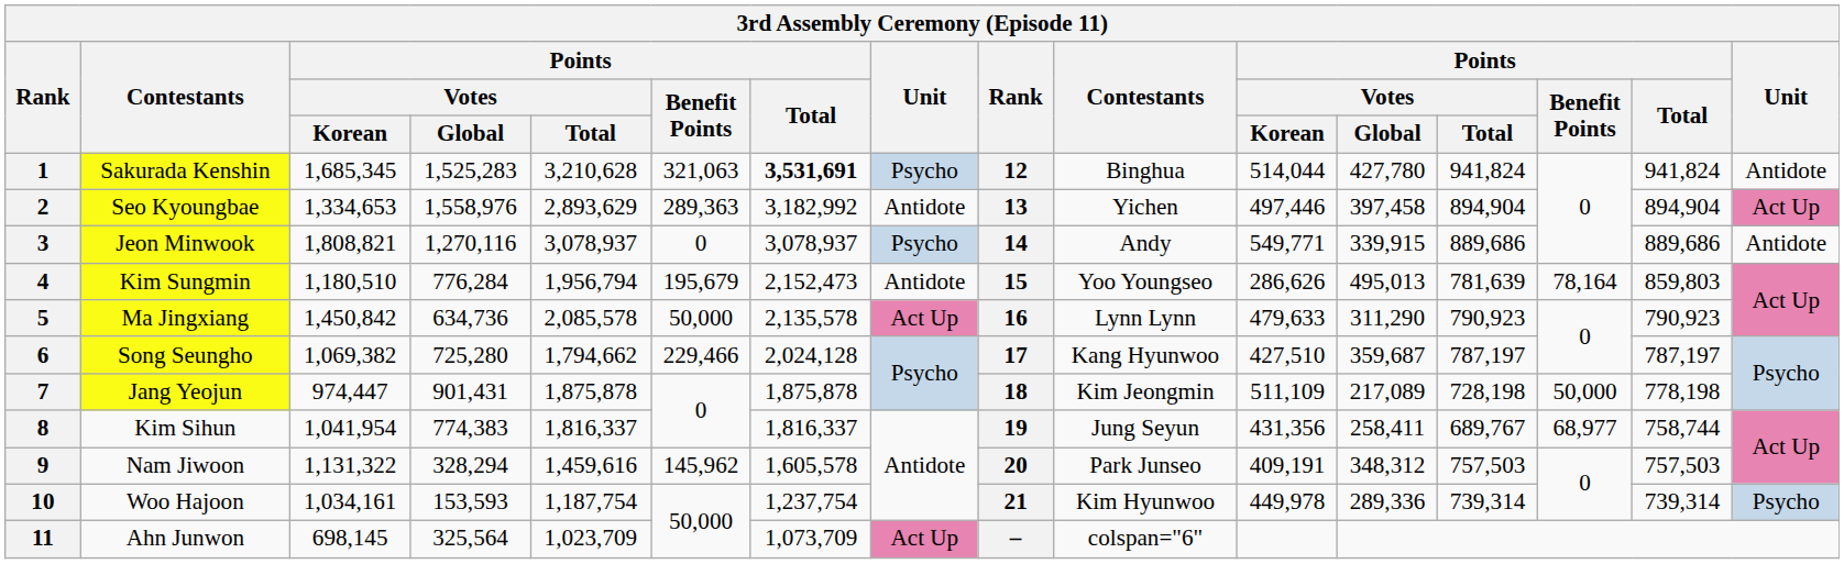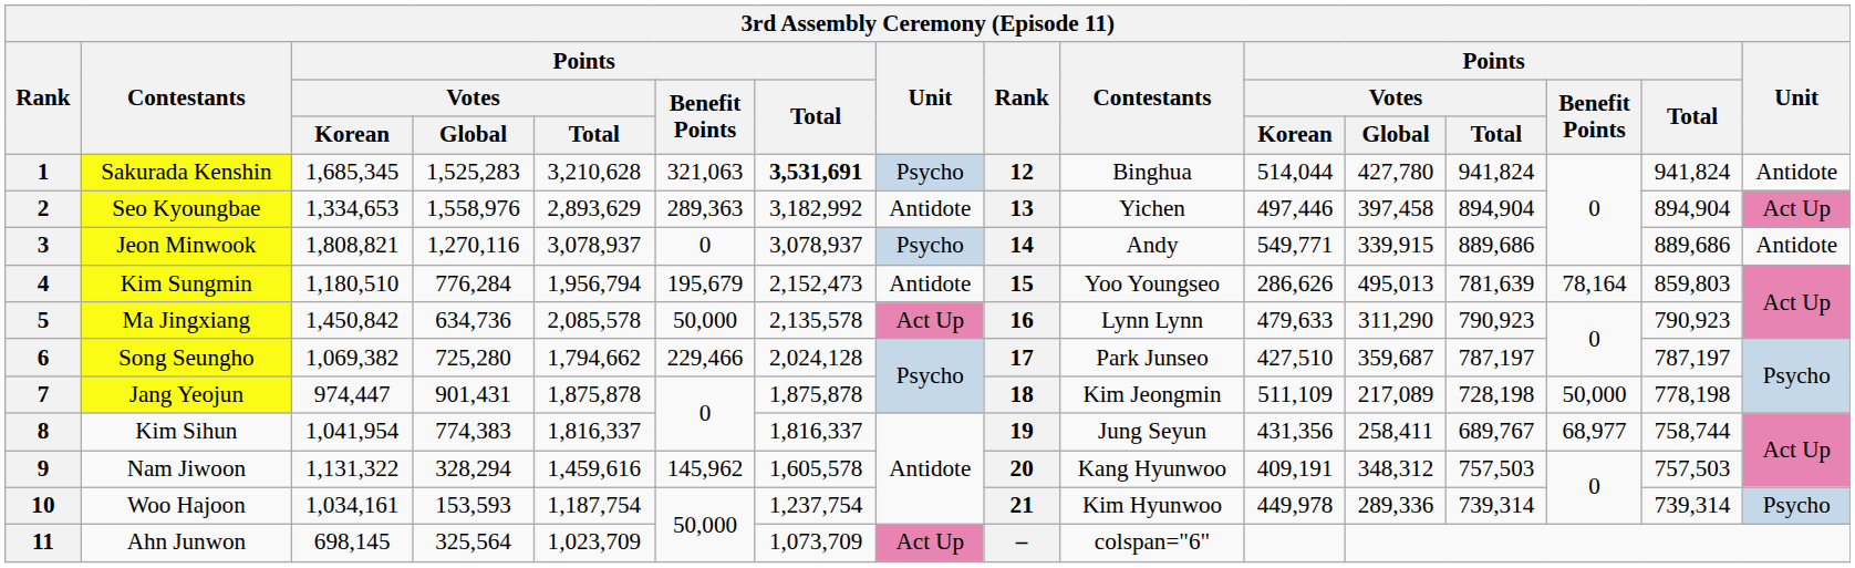 <table class="wikitable sortable mw-collapsible mw-collapsed collapsible" style="text-align:center; width:100%">
 <tr>
 <th colspan="18">3rd Assembly Ceremony (Episode 11)</th>
 </tr>
 <tr>
 <th rowspan="3">Rank</th>
 <th rowspan="3">Contestants</th>
 <th colspan="5">Points</th>
 <th rowspan="3">Unit</th>
 <th rowspan="3">Rank</th>
 <th rowspan="3">Contestants</th>
 <th colspan="5">Points</th>
 <th rowspan="3">Unit</th>
 </tr>
 <tr>
 <th colspan="3">Votes</th>
 <th rowspan="2">Benefit <br>Points</th>
 <th rowspan="2">Total</th>
 <th colspan="3">Votes</th>
 <th rowspan="2">Benefit <br> Points</th>
 <th rowspan="2">Total</th>
 </tr>
 <tr>
 <th>Korean</th>
 <th>Global</th>
 <th>Total</th>
 <th>Korean</th>
 <th>Global</th>
 <th>Total</th>
 </tr>
 <tr>
 <th>1</th>
 <td style="background:#fafc15">Sakurada Kenshin</td>
 <td>1,685,345</td>
 <td>1,525,283</td>
 <td>3,210,628</td>
 <td>321,063</td>
 <td><strong>3,531,691</strong></td>
 <td style="background:#c4d8e9">Psycho</td>
 <th>12</th>
 <td>Binghua</td>
 <td>514,044</td>
 <td>427,780</td>
 <td>941,824</td>
 <td rowspan="3">0</td>
 <td>941,824</td>
 <td>Antidote</td>
 </tr>
 <tr>
 <th>2</th>
 <td style="background:#fafc15">Seo Kyoungbae</td>
 <td>1,334,653</td>
 <td>1,558,976</td>
 <td>2,893,629</td>
 <td>289,363</td>
 <td>3,182,992</td>
 <td>Antidote</td>
 <th>13</th>
 <td>Yichen</td>
 <td>497,446</td>
 <td>397,458</td>
 <td>894,904</td>
 <td>894,904</td>
 <td style="background:#e784b1">Act Up</td>
 </tr>
 <tr>
 <th>3</th>
 <td style="background:#fafc15">Jeon Minwook</td>
 <td>1,808,821</td>
 <td>1,270,116</td>
 <td>3,078,937</td>
 <td>0</td>
 <td>3,078,937</td>
 <td style="background:#c4d8e9">Psycho</td>
 <th>14</th>
 <td>Andy</td>
 <td>549,771</td>
 <td>339,915</td>
 <td>889,686</td>
 <td>889,686</td>
 <td>Antidote</td>
 </tr>
 <tr>
 <th>4</th>
 <td style="background:#fafc15">Kim Sungmin</td>
 <td>1,180,510</td>
 <td>776,284</td>
 <td>1,956,794</td>
 <td>195,679</td>
 <td>2,152,473</td>
 <td>Antidote</td>
 <th>15</th>
 <td>Yoo Youngseo</td>
 <td>286,626</td>
 <td>495,013</td>
 <td>781,639</td>
 <td>78,164</td>
 <td>859,803</td>
 <td rowspan="2" style="background:#e784b1">Act Up</td>
 </tr>
 <tr>
 <th>5</th>
 <td style="background:#fafc15">Ma Jingxiang</td>
 <td>1,450,842</td>
 <td>634,736</td>
 <td>2,085,578</td>
 <td>50,000</td>
 <td>2,135,578</td>
 <td style="background:#e784b1">Act Up</td>
 <th>16</th>
 <td>Lynn Lynn</td>
 <td>479,633</td>
 <td>311,290</td>
 <td>790,923</td>
 <td rowspan="2">0</td>
 <td>790,923</td>
 </tr>
 <tr>
 <th>6</th>
 <td style="background:#fafc15">Song Seungho</td>
 <td>1,069,382</td>
 <td>725,280</td>
 <td>1,794,662</td>
 <td>229,466</td>
 <td>2,024,128</td>
 <td rowspan="2" style="background:#c4d8e9">Psycho</td>
 <th>17</th>
-<td>Kang Hyunwoo</td>
+<td>Park Junseo</td>
 <td>427,510</td>
 <td>359,687</td>
 <td>787,197</td>
 <td>787,197</td>
 <td rowspan="2" style="background:#c4d8e9">Psycho</td>
 </tr>
 <tr>
 <th>7</th>
 <td style="background:#fafc15">Jang Yeojun</td>
 <td>974,447</td>
 <td>901,431</td>
 <td>1,875,878</td>
 <td rowspan="2">0</td>
 <td>1,875,878</td>
 <th>18</th>
 <td>Kim Jeongmin</td>
 <td>511,109</td>
 <td>217,089</td>
 <td>728,198</td>
 <td>50,000</td>
 <td>778,198</td>
 </tr>
 <tr>
 <th>8</th>
 <td>Kim Sihun</td>
 <td>1,041,954</td>
 <td>774,383</td>
 <td>1,816,337</td>
 <td>1,816,337</td>
 <td rowspan="3">Antidote</td>
 <th>19</th>
 <td>Jung Seyun</td>
 <td>431,356</td>
 <td>258,411</td>
 <td>689,767</td>
 <td>68,977</td>
 <td>758,744</td>
 <td rowspan="2" style="background:#e784b1">Act Up</td>
 </tr>
 <tr>
 <th>9</th>
 <td>Nam Jiwoon</td>
 <td>1,131,322</td>
 <td>328,294</td>
 <td>1,459,616</td>
 <td>145,962</td>
 <td>1,605,578</td>
 <th>20</th>
-<td>Park Junseo</td>
+<td>Kang Hyunwoo</td>
 <td>409,191</td>
 <td>348,312</td>
 <td>757,503</td>
 <td rowspan="2">0</td>
 <td>757,503</td>
 </tr>
 <tr>
 <th>10</th>
 <td>Woo Hajoon</td>
 <td>1,034,161</td>
 <td>153,593</td>
 <td>1,187,754</td>
 <td rowspan="2">50,000</td>
 <td>1,237,754</td>
 <th>21</th>
 <td>Kim Hyunwoo</td>
 <td>449,978</td>
 <td>289,336</td>
 <td>739,314</td>
 <td>739,314</td>
 <td style="background:#c4d8e9">Psycho</td>
 </tr>
 <tr>
 <th>11</th>
 <td>Ahn Junwon</td>
 <td>698,145</td>
 <td>325,564</td>
 <td>1,023,709</td>
 <td>1,073,709</td>
 <td style="background:#e784b1">Act Up</td>
 <th>–</th>
 <td>colspan="6" </td>
 <td></td>
 </tr>
 </table>
